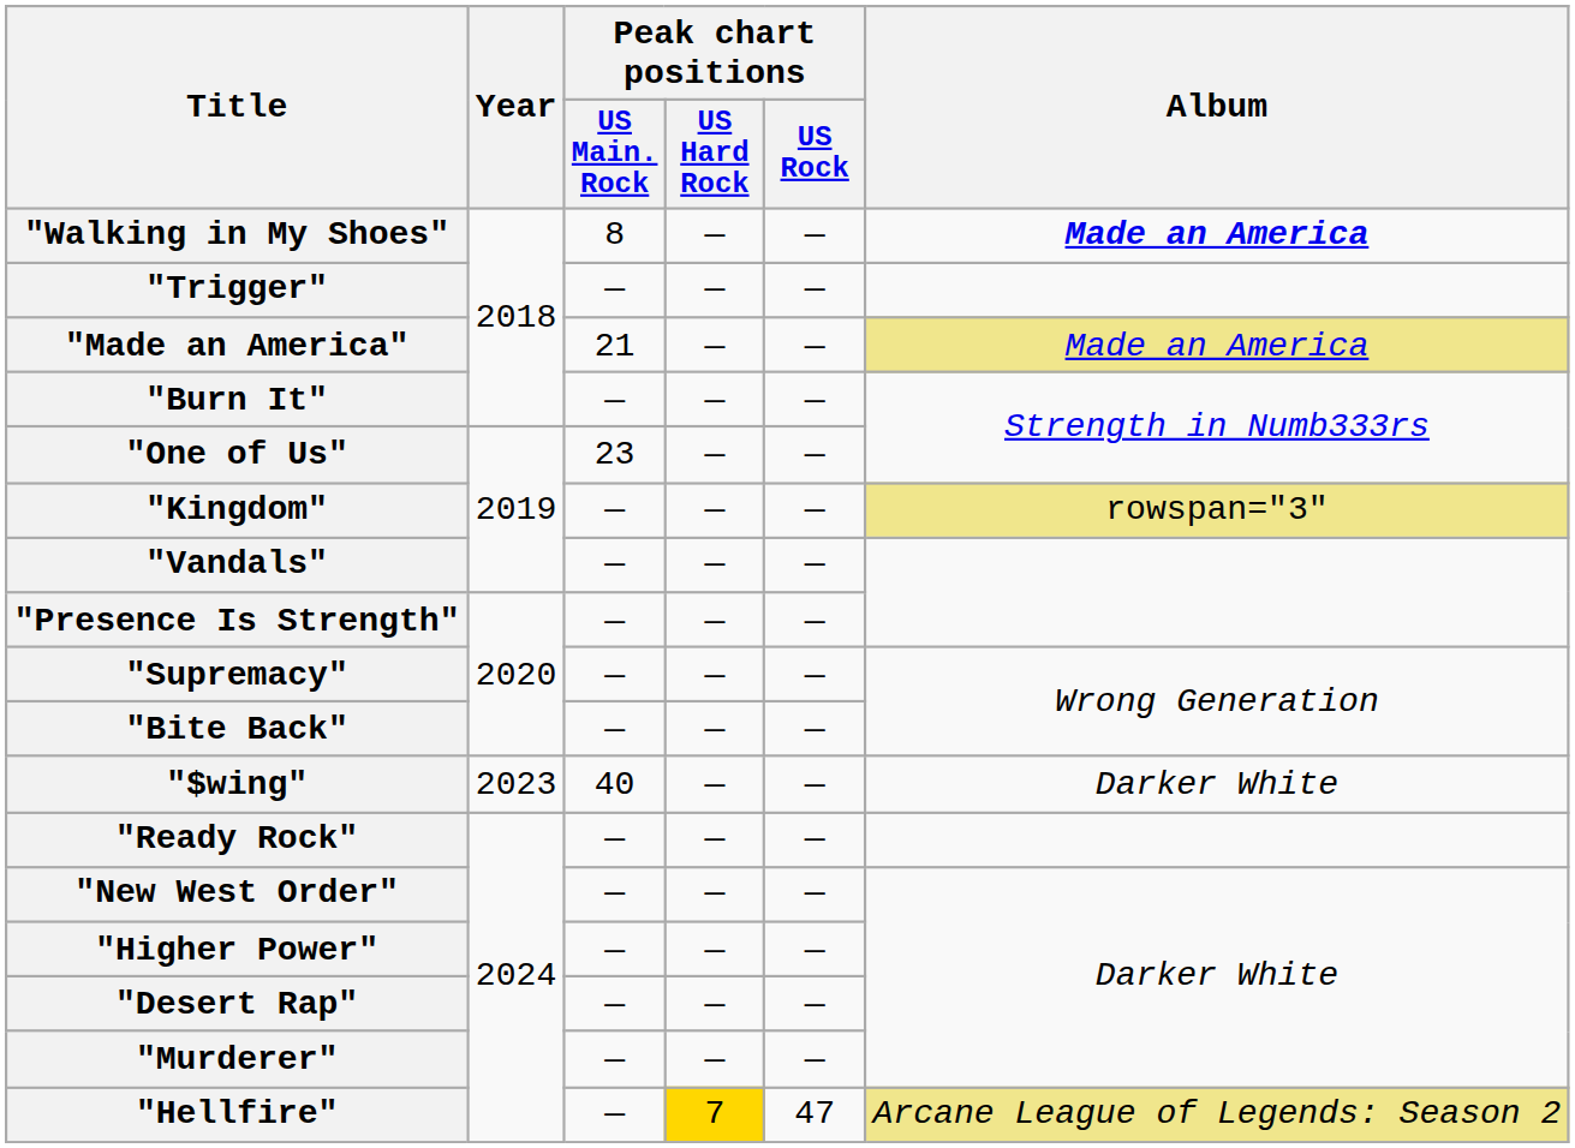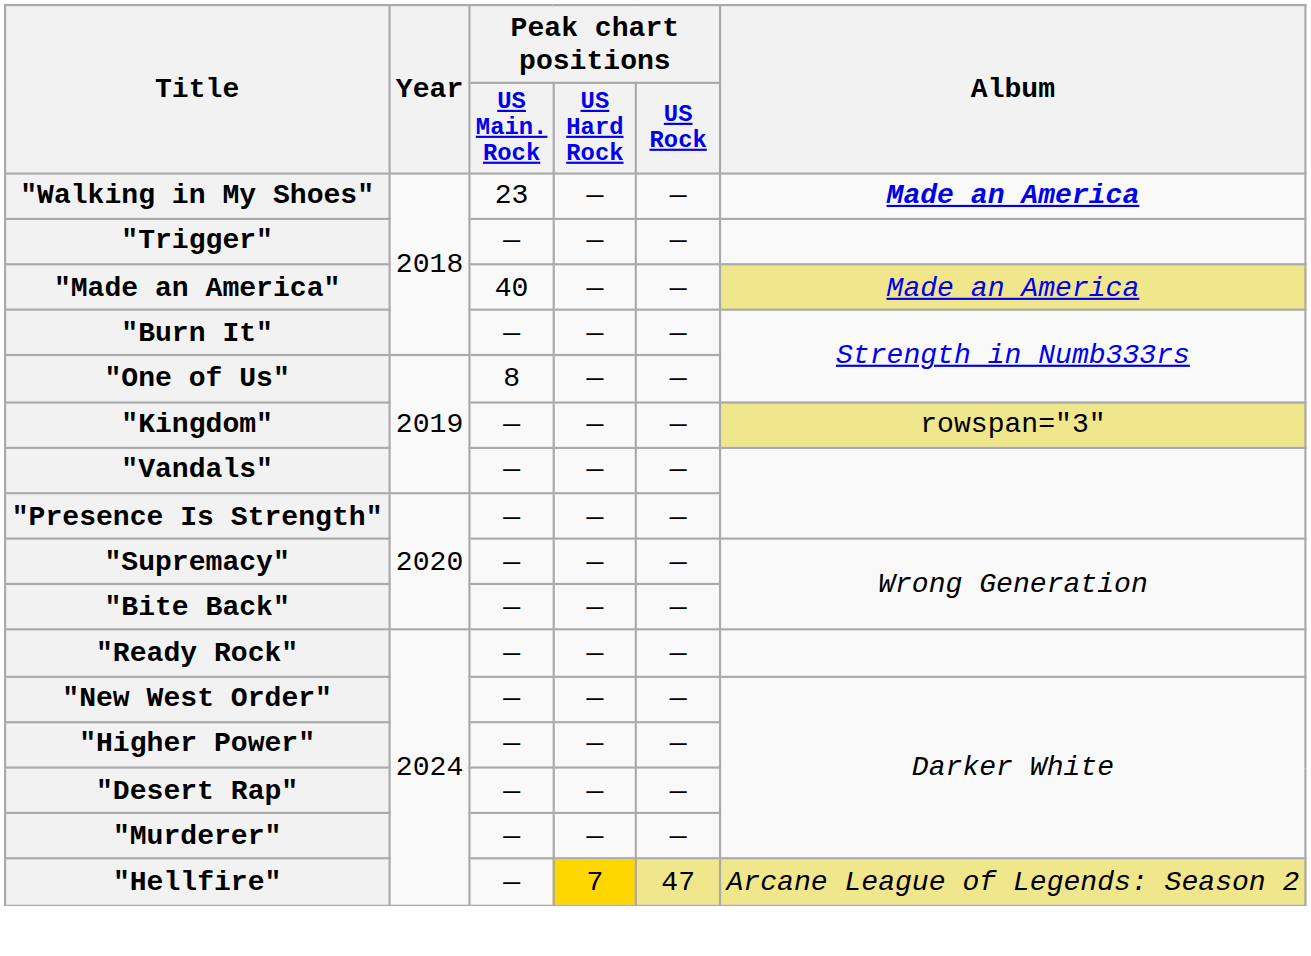 <table class="wikitable plainrowheaders" style="text-align:center;">
 <tr>
 <th scope="col" rowspan="2">Title</th>
 <th scope="col" rowspan="2">Year</th>
 <th scope="col" colspan="3">Peak chart positions</th>
 <th scope="col" rowspan="2">Album</th>
 </tr>
 <tr>
 <th scope="col" style="width:3em;font-size:85%"><a href='#'>US<br>Main.<br>Rock</a><br></th>
 <th scope="col" style="width:3em;font-size:85%"><a href='#'>US<br>Hard<br>Rock</a></th>
 <th scope="col" style="width:3em;font-size:85%"><a href='#'>US<br>Rock</a><br></th>
 </tr>
 <tr>
 <th scope="row">"Walking in My Shoes"</th>
 <td rowspan="4">2018</td>
-<td>8</td>
+<td>23</td>
 <td>—</td>
 <td>—</td>
 <td><strong><em><a href='#'>Made an America</a></em></strong></td>
 </tr>
 <tr>
 <th scope="row">"Trigger"</th>
 <td>—</td>
 <td>—</td>
 <td>—</td>
 <td></td>
 </tr>
 <tr>
 <th scope="row">"Made an America"</th>
-<td>21</td>
+<td>40</td>
 <td>—</td>
 <td>—</td>
 <td style="background: khaki;"><em><a href='#'>Made an America</a></em></td>
 </tr>
 <tr>
 <th scope="row">"Burn It"</th>
 <td>—</td>
 <td>—</td>
 <td>—</td>
 <td rowspan="2"><em><a href='#'>Strength in Numb333rs</a></em></td>
 </tr>
 <tr>
 <th scope="row">"One of Us"</th>
 <td rowspan="3">2019</td>
-<td>23</td>
+<td>8</td>
 <td>—</td>
 <td>—</td>
 </tr>
 <tr>
 <th scope="row">"Kingdom"</th>
 <td>—</td>
 <td>—</td>
 <td>—</td>
 <td style="background: khaki;">rowspan="3" </td>
 </tr>
 <tr>
 <th scope="row">"Vandals"</th>
 <td>—</td>
 <td>—</td>
 <td>—</td>
 </tr>
 <tr>
 <th scope="row">"Presence Is Strength"</th>
 <td rowspan="3">2020</td>
 <td>—</td>
 <td>—</td>
 <td>—</td>
 </tr>
 <tr>
 <th scope="row">"Supremacy"</th>
 <td>—</td>
 <td>—</td>
 <td>—</td>
 <td rowspan="2"><em>Wrong Generation</em></td>
 </tr>
 <tr>
 <th scope="row">"Bite Back"</th>
 <td>—</td>
 <td>—</td>
 <td>—</td>
-</tr>
-<tr>
-<th scope="row">"$wing"</th>
-<td>2023</td>
-<td>40</td>
-<td>—</td>
-<td>—</td>
-<td><em>Darker White</em></td>
 </tr>
 <tr>
 <th scope="row">"Ready Rock"</th>
 <td rowspan="6">2024</td>
 <td>—</td>
 <td>—</td>
 <td>—</td>
 <td></td>
 </tr>
 <tr>
 <th scope="row">"New West Order"</th>
 <td>—</td>
 <td>—</td>
 <td>—</td>
 <td rowspan="4"><em>Darker White</em></td>
 </tr>
 <tr>
 <th scope="row">"Higher Power"</th>
 <td>—</td>
 <td>—</td>
 <td>—</td>
 </tr>
 <tr>
 <th scope="row">"Desert Rap"</th>
 <td>—</td>
 <td>—</td>
 <td>—</td>
 </tr>
 <tr>
 <th scope="row">"Murderer"</th>
 <td>—</td>
 <td>—</td>
 <td>—</td>
 </tr>
 <tr>
 <th scope="row">"Hellfire"</th>
 <td>—</td>
 <td style="background: gold;">7</td>
-<td>47</td>
+<td style="background: khaki;">47</td>
 <td style="background: khaki;"><em>Arcane League of Legends: Season 2</em></td>
 </tr>
 </table>
